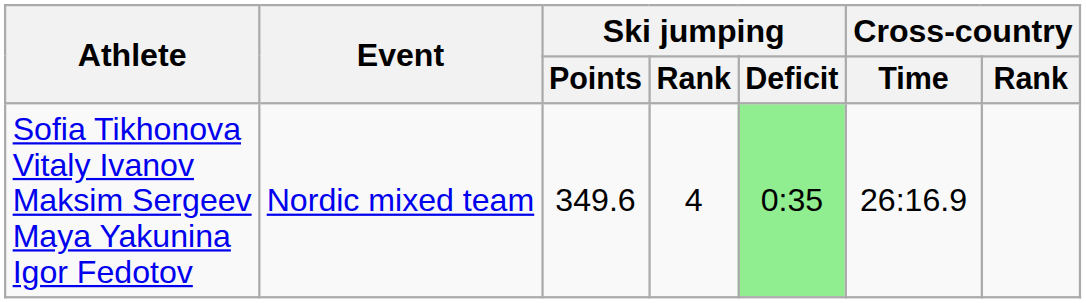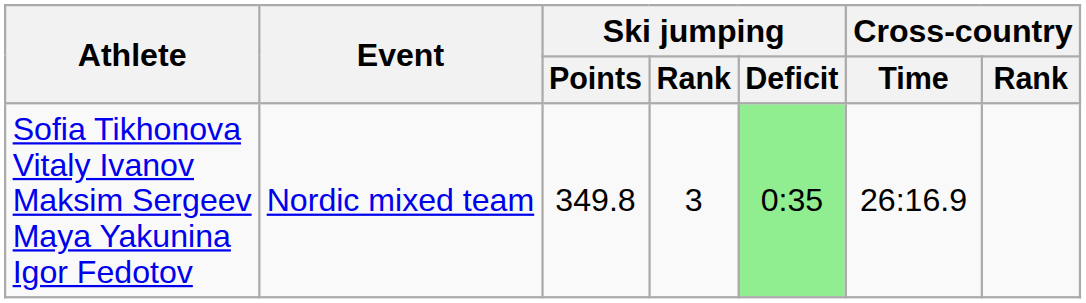 <table class="wikitable" style="font-size:90%">
 <tr>
 <th rowspan=2>Athlete</th>
 <th rowspan=2>Event</th>
 <th colspan="3">Ski jumping</th>
 <th colspan=2>Cross-country</th>
 </tr>
 <tr style="font-size:95%">
 <th>Points</th>
 <th>Rank</th>
 <th>Deficit</th>
 <th>Time</th>
 <th>Rank</th>
 </tr>
 <tr align=center>
 <td align=left><a href='#'>Sofia Tikhonova</a><br><a href='#'>Vitaly Ivanov</a><br><a href='#'>Maksim Sergeev</a><br><a href='#'>Maya Yakunina</a><br><a href='#'>Igor Fedotov</a></td>
 <td align=left><a href='#'>Nordic mixed team</a></td>
-<td>349.6</td>
-<td>4</td>
+<td>349.8</td>
+<td>3</td>
 <td style="background: lightgreen;">0:35</td>
 <td>26:16.9</td>
 <td></td>
 </tr>
 </table>
